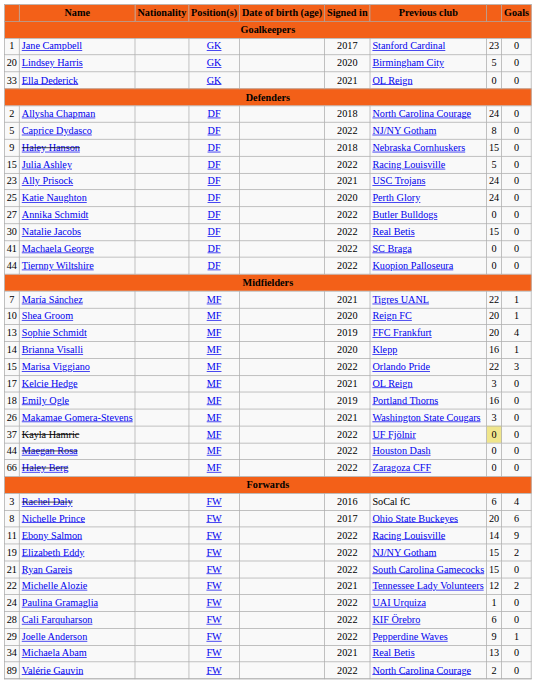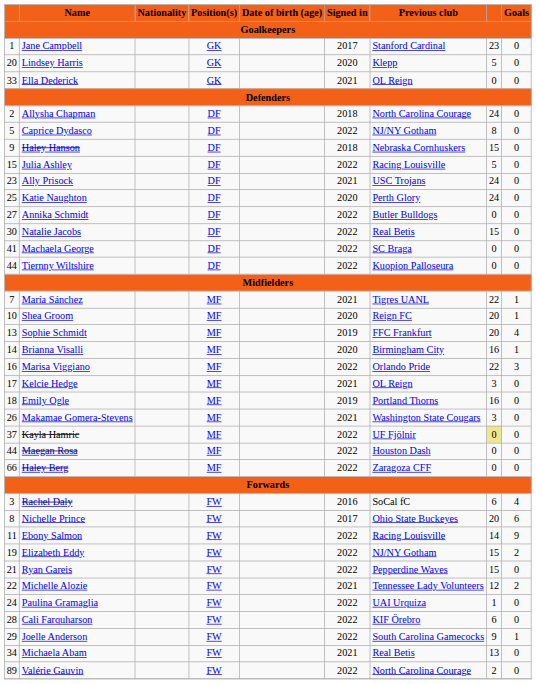 <table class="wikitable" style="text-align:center; font-size:90%;">
 <tr>
 <th style="background:#f36018; color:black; text-align:center;"></th>
 <th style="background:#f36018; color:black; text-align:center;">Name</th>
 <th style="background:#f36018; color:black; text-align:center;">Nationality</th>
 <th style="background:#f36018; color:black; text-align:center;">Position(s)</th>
 <th style="background:#f36018; color:black; text-align:center;">Date of birth (age)</th>
 <th style="background:#f36018; color:black; text-align:center;">Signed in</th>
 <th style="background:#f36018; color:black; text-align:center;">Previous club</th>
 <th style="background:#f36018; color:black; text-align:center;"></th>
 <th style="background:#f36018; color:black; text-align:center;">Goals</th>
 </tr>
 <tr>
 <th colspan=9 style="background:#f36018; color:black; text-align:center;">Goalkeepers</th>
 </tr>
 <tr>
 <td>1</td>
 <td align="left"><a href='#'>Jane Campbell</a></td>
 <td></td>
 <td><a href='#'>GK</a></td>
 <td></td>
 <td>2017</td>
 <td align="left"> <a href='#'>Stanford Cardinal</a></td>
 <td>23</td>
 <td>0</td>
 </tr>
 <tr>
 <td>20</td>
 <td align="left"><a href='#'>Lindsey Harris</a></td>
 <td></td>
 <td><a href='#'>GK</a></td>
 <td></td>
 <td>2020</td>
-<td align="left"> <a href='#'>Birmingham City</a></td>
+<td align="left"> <a href='#'>Klepp</a></td>
 <td>5</td>
 <td>0</td>
 </tr>
 <tr>
 <td>33</td>
 <td align="left"><a href='#'>Ella Dederick</a></td>
 <td></td>
 <td><a href='#'>GK</a></td>
 <td></td>
 <td>2021</td>
 <td align="left"> <a href='#'>OL Reign</a></td>
 <td>0</td>
 <td>0</td>
 </tr>
 <tr>
 <th colspan=9 style="background:#f36018; color:black; text-align:center;">Defenders</th>
 </tr>
 <tr>
 <td>2</td>
 <td align="left"><a href='#'>Allysha Chapman</a></td>
 <td></td>
 <td><a href='#'>DF</a></td>
 <td></td>
 <td>2018</td>
 <td align="left"> <a href='#'>North Carolina Courage</a></td>
 <td>24</td>
 <td>0</td>
 </tr>
 <tr>
 <td>5</td>
 <td align="left"><a href='#'>Caprice Dydasco</a></td>
 <td></td>
 <td><a href='#'>DF</a></td>
 <td></td>
 <td>2022</td>
 <td align="left"> <a href='#'>NJ/NY Gotham</a></td>
 <td>8</td>
 <td>0</td>
 </tr>
 <tr>
 <td>9</td>
 <td align="left"><s><a href='#'>Haley Hanson</a></s></td>
 <td></td>
 <td><a href='#'>DF</a></td>
 <td></td>
 <td>2018</td>
 <td align="left"> <a href='#'>Nebraska Cornhuskers</a></td>
 <td>15</td>
 <td>0</td>
 </tr>
 <tr>
 <td>15</td>
 <td align="left"><a href='#'>Julia Ashley</a></td>
 <td></td>
 <td><a href='#'>DF</a></td>
 <td></td>
 <td>2022</td>
 <td align="left"> <a href='#'>Racing Louisville</a></td>
 <td>5</td>
 <td>0</td>
 </tr>
 <tr>
 <td>23</td>
 <td align="left"><a href='#'>Ally Prisock</a></td>
 <td></td>
 <td><a href='#'>DF</a></td>
 <td></td>
 <td>2021</td>
 <td align="left"> <a href='#'>USC Trojans</a></td>
 <td>24</td>
 <td>0</td>
 </tr>
 <tr>
 <td>25</td>
 <td align="left"><a href='#'>Katie Naughton</a></td>
 <td></td>
 <td><a href='#'>DF</a></td>
 <td></td>
 <td>2020</td>
 <td align="left"> <a href='#'>Perth Glory</a></td>
 <td>24</td>
 <td>0</td>
 </tr>
 <tr>
 <td>27</td>
 <td align="left"><a href='#'>Annika Schmidt</a></td>
 <td></td>
 <td><a href='#'>DF</a></td>
 <td></td>
 <td>2022</td>
 <td align="left"> <a href='#'>Butler Bulldogs</a></td>
 <td>0</td>
 <td>0</td>
 </tr>
 <tr>
 <td>30</td>
 <td align="left"><a href='#'>Natalie Jacobs</a></td>
 <td></td>
 <td><a href='#'>DF</a></td>
 <td></td>
 <td>2022</td>
 <td align="left"> <a href='#'>Real Betis</a></td>
 <td>15</td>
 <td>0</td>
 </tr>
 <tr>
 <td>41</td>
 <td align="left"><a href='#'>Machaela George</a></td>
 <td></td>
 <td><a href='#'>DF</a></td>
 <td></td>
 <td>2022</td>
 <td align="left"> <a href='#'>SC Braga</a></td>
 <td>0</td>
 <td>0</td>
 </tr>
 <tr>
 <td>44</td>
 <td align="left"><a href='#'>Tiernny Wiltshire</a></td>
 <td></td>
 <td><a href='#'>DF</a></td>
 <td></td>
 <td>2022</td>
 <td align="left"> <a href='#'>Kuopion Palloseura</a> </td>
 <td>0</td>
 <td>0</td>
 </tr>
 <tr>
 <th colspan=9 style="background:#f36018; color:black; text-align:center;">Midfielders</th>
 </tr>
 <tr>
 <td>7</td>
 <td align="left"><a href='#'>María Sánchez</a></td>
 <td></td>
 <td><a href='#'>MF</a></td>
 <td></td>
 <td>2021</td>
 <td align="left"> <a href='#'>Tigres UANL</a></td>
 <td>22</td>
 <td>1</td>
 </tr>
 <tr>
 <td>10</td>
 <td align="left"><a href='#'>Shea Groom</a></td>
 <td></td>
 <td><a href='#'>MF</a></td>
 <td></td>
 <td>2020</td>
 <td align="left"> <a href='#'>Reign FC</a></td>
 <td>20</td>
 <td>1</td>
 </tr>
 <tr>
 <td>13</td>
 <td align="left"><a href='#'>Sophie Schmidt</a></td>
 <td></td>
 <td><a href='#'>MF</a></td>
 <td></td>
 <td>2019</td>
 <td align="left"> <a href='#'>FFC Frankfurt</a></td>
 <td>20</td>
 <td>4</td>
 </tr>
 <tr>
 <td>14</td>
 <td align="left"><a href='#'>Brianna Visalli</a></td>
 <td></td>
 <td><a href='#'>MF</a></td>
 <td></td>
 <td>2020</td>
-<td align="left"> <a href='#'>Klepp</a></td>
+<td align="left"> <a href='#'>Birmingham City</a></td>
 <td>16</td>
 <td>1</td>
 </tr>
 <tr>
-<td>15</td>
+<td>16</td>
 <td align="left"><a href='#'>Marisa Viggiano</a></td>
 <td></td>
 <td><a href='#'>MF</a></td>
 <td></td>
 <td>2022</td>
 <td align="left"> <a href='#'>Orlando Pride</a></td>
 <td>22</td>
 <td>3</td>
 </tr>
 <tr>
 <td>17</td>
 <td align="left"><a href='#'>Kelcie Hedge</a></td>
 <td></td>
 <td><a href='#'>MF</a></td>
 <td></td>
 <td>2021</td>
 <td align="left"> <a href='#'>OL Reign</a></td>
 <td>3</td>
 <td>0</td>
 </tr>
 <tr>
 <td>18</td>
 <td align="left"><a href='#'>Emily Ogle</a></td>
 <td></td>
 <td><a href='#'>MF</a></td>
 <td></td>
 <td>2019</td>
 <td align="left"> <a href='#'>Portland Thorns</a></td>
 <td>16</td>
 <td>0</td>
 </tr>
 <tr>
 <td>26</td>
 <td align="left"><a href='#'>Makamae Gomera-Stevens</a></td>
 <td></td>
 <td><a href='#'>MF</a></td>
 <td></td>
 <td>2021</td>
 <td align="left"> <a href='#'>Washington State Cougars</a></td>
 <td>3</td>
 <td>0</td>
 </tr>
 <tr>
 <td>37</td>
 <td align="left"><s>Kayla Hamric</s></td>
 <td></td>
 <td><a href='#'>MF</a></td>
 <td></td>
 <td>2022</td>
 <td align="left"> <a href='#'>UF Fjölnir</a></td>
 <td style="background: khaki;">0</td>
 <td>0</td>
 </tr>
 <tr>
 <td>44</td>
 <td align="left"><s><a href='#'>Maegan Rosa</a></s></td>
 <td></td>
 <td><a href='#'>MF</a></td>
 <td></td>
 <td>2022</td>
 <td align="left"> <a href='#'>Houston Dash</a></td>
 <td>0</td>
 <td>0</td>
 </tr>
 <tr>
 <td>66</td>
 <td align="left"><s><a href='#'>Haley Berg</a></s></td>
 <td></td>
 <td><a href='#'>MF</a></td>
 <td></td>
 <td>2022</td>
 <td align="left"> <a href='#'>Zaragoza CFF</a></td>
 <td>0</td>
 <td>0</td>
 </tr>
 <tr>
 <th colspan=9 style="background:#f36018; color:black; text-align:center;">Forwards</th>
 </tr>
 <tr>
 <td>3</td>
 <td align="left"><s><a href='#'>Rachel Daly</a></s></td>
 <td></td>
 <td><a href='#'>FW</a></td>
 <td></td>
 <td>2016</td>
 <td align="left"> SoCal fC</td>
 <td>6</td>
 <td>4</td>
 </tr>
 <tr>
 <td>8</td>
 <td align="left"><a href='#'>Nichelle Prince</a></td>
 <td></td>
 <td><a href='#'>FW</a></td>
 <td></td>
 <td>2017</td>
 <td align="left"> <a href='#'>Ohio State Buckeyes</a></td>
 <td>20</td>
 <td>6</td>
 </tr>
 <tr>
 <td>11</td>
 <td align="left"><a href='#'>Ebony Salmon</a></td>
 <td></td>
 <td><a href='#'>FW</a></td>
 <td></td>
 <td>2022</td>
 <td align="left"> <a href='#'>Racing Louisville</a></td>
 <td>14</td>
 <td>9</td>
 </tr>
 <tr>
 <td>19</td>
 <td align="left"><a href='#'>Elizabeth Eddy</a></td>
 <td></td>
 <td><a href='#'>FW</a></td>
 <td></td>
 <td>2022</td>
 <td align="left"> <a href='#'>NJ/NY Gotham</a></td>
 <td>15</td>
 <td>2</td>
 </tr>
 <tr>
 <td>21</td>
 <td align="left"><a href='#'>Ryan Gareis</a></td>
 <td></td>
 <td><a href='#'>FW</a></td>
 <td></td>
 <td>2022</td>
-<td align="left"> <a href='#'>South Carolina Gamecocks</a></td>
+<td align="left"> <a href='#'>Pepperdine Waves</a></td>
 <td>15</td>
 <td>0</td>
 </tr>
 <tr>
 <td>22</td>
 <td align="left"><a href='#'>Michelle Alozie</a></td>
 <td></td>
 <td><a href='#'>FW</a></td>
 <td></td>
 <td>2021</td>
 <td align="left"> <a href='#'>Tennessee Lady Volunteers</a></td>
 <td>12</td>
 <td>2</td>
 </tr>
 <tr>
 <td>24</td>
 <td align="left"><a href='#'>Paulina Gramaglia</a></td>
 <td></td>
 <td><a href='#'>FW</a></td>
 <td></td>
 <td>2022</td>
 <td align="left"> <a href='#'>UAI Urquiza</a></td>
 <td>1</td>
 <td>0</td>
 </tr>
 <tr>
 <td>28</td>
 <td align="left"><a href='#'>Cali Farquharson</a></td>
 <td></td>
 <td><a href='#'>FW</a></td>
 <td></td>
 <td>2022</td>
 <td align="left"> <a href='#'>KIF Örebro</a></td>
 <td>6</td>
 <td>0</td>
 </tr>
 <tr>
 <td>29</td>
 <td align="left"><a href='#'>Joelle Anderson</a></td>
 <td></td>
 <td><a href='#'>FW</a></td>
 <td></td>
 <td>2022</td>
-<td align="left"> <a href='#'>Pepperdine Waves</a></td>
+<td align="left"> <a href='#'>South Carolina Gamecocks</a></td>
 <td>9</td>
 <td>1</td>
 </tr>
 <tr>
 <td>34</td>
 <td align="left"><a href='#'>Michaela Abam</a></td>
 <td></td>
 <td><a href='#'>FW</a></td>
 <td></td>
 <td>2021</td>
 <td align="left"> <a href='#'>Real Betis</a></td>
 <td>13</td>
 <td>0</td>
 </tr>
 <tr>
 <td>89</td>
 <td align="left"><a href='#'>Valérie Gauvin</a></td>
 <td></td>
 <td><a href='#'>FW</a></td>
 <td></td>
 <td>2022</td>
 <td align="left"> <a href='#'>North Carolina Courage</a></td>
 <td>2</td>
 <td>0</td>
 </tr>
 <tr>
 </tr>
 </table>
